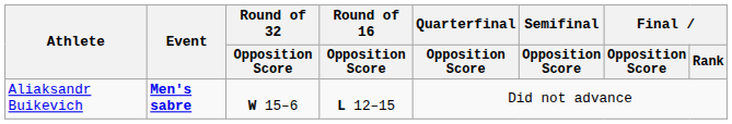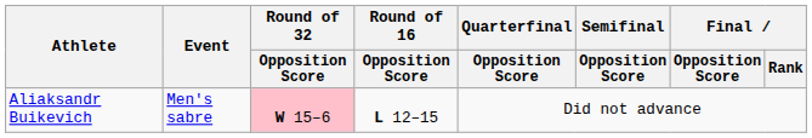 <table class="wikitable" style="font-size:90%">
 <tr>
 <th rowspan=2>Athlete</th>
 <th rowspan=2>Event</th>
 <th>Round of 32</th>
 <th>Round of 16</th>
 <th>Quarterfinal</th>
 <th>Semifinal</th>
 <th colspan=2>Final / </th>
 </tr>
 <tr style="font-size:95%">
 <th>Opposition<br>Score</th>
 <th>Opposition<br>Score</th>
 <th>Opposition<br>Score</th>
 <th>Opposition<br>Score</th>
 <th>Opposition<br>Score</th>
 <th>Rank</th>
 </tr>
 <tr align=center>
 <td align=left><a href='#'>Aliaksandr Buikevich</a></td>
-<td align=left><strong><a href='#'>Men's sabre</a></strong></td>
-<td><br><strong>W</strong> 15–6</td>
+<td align=left><a href='#'>Men's sabre</a></td>
+<td style="background: pink;"><br><strong>W</strong> 15–6</td>
 <td><br><strong>L</strong> 12–15</td>
 <td colspan=4>Did not advance</td>
 </tr>
 </table>
